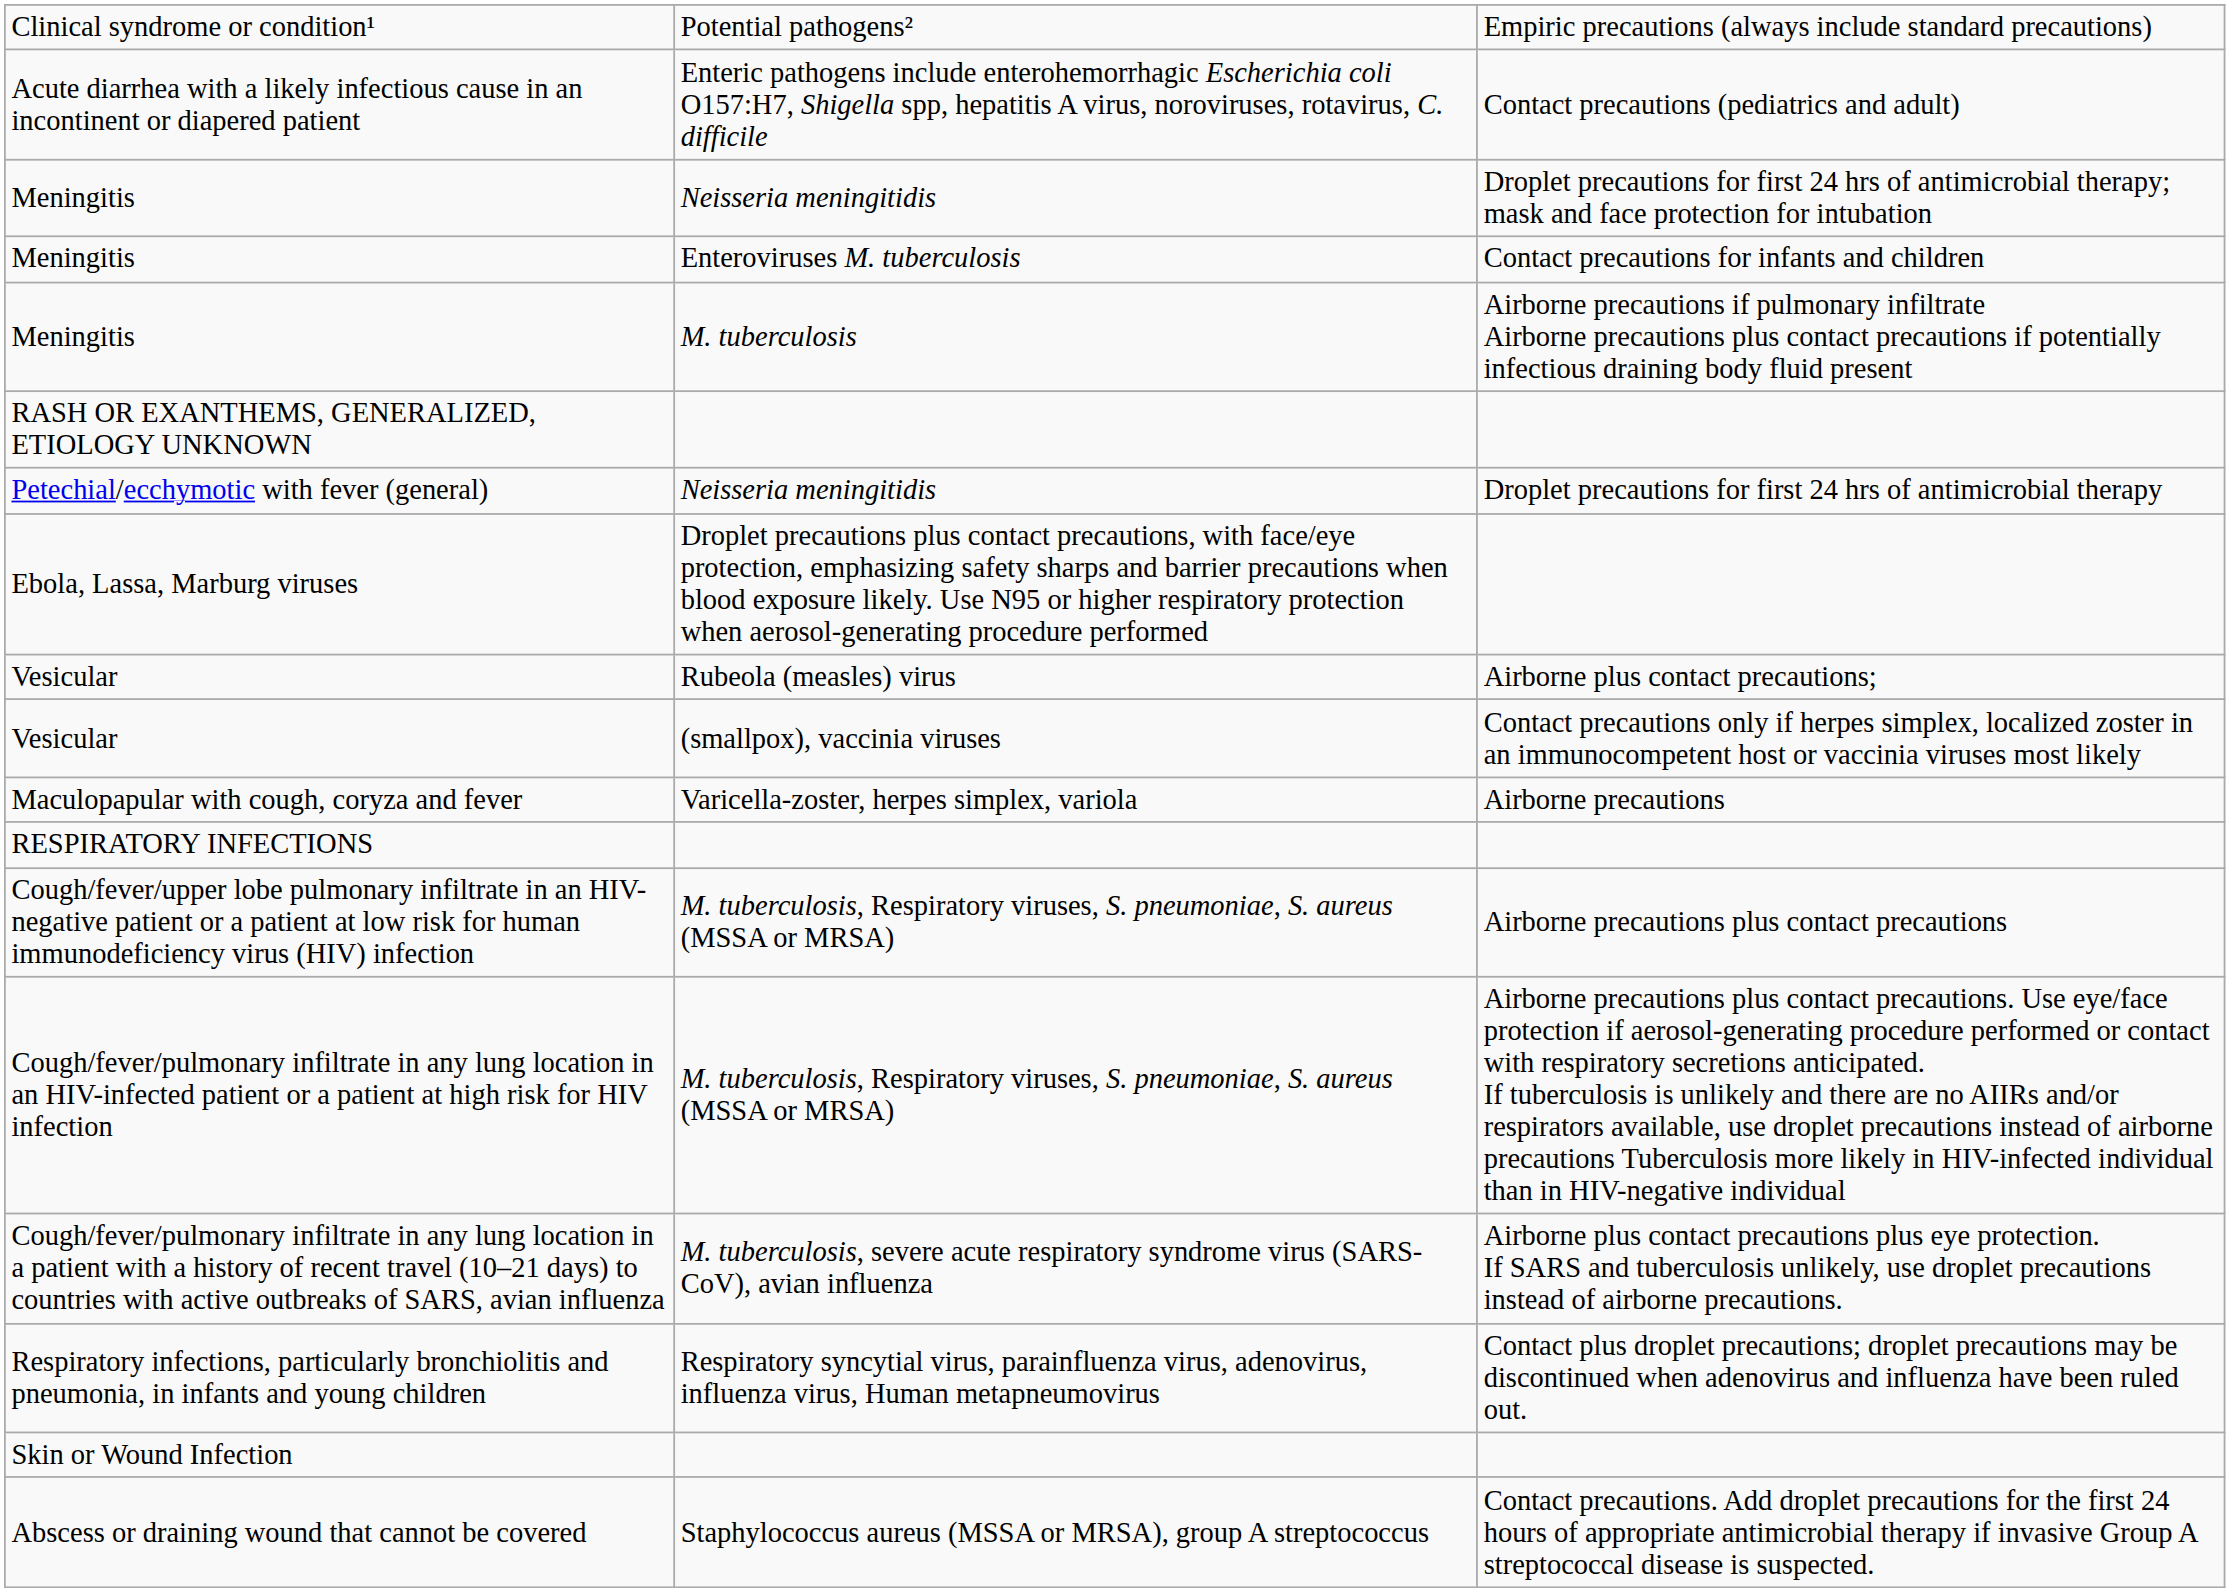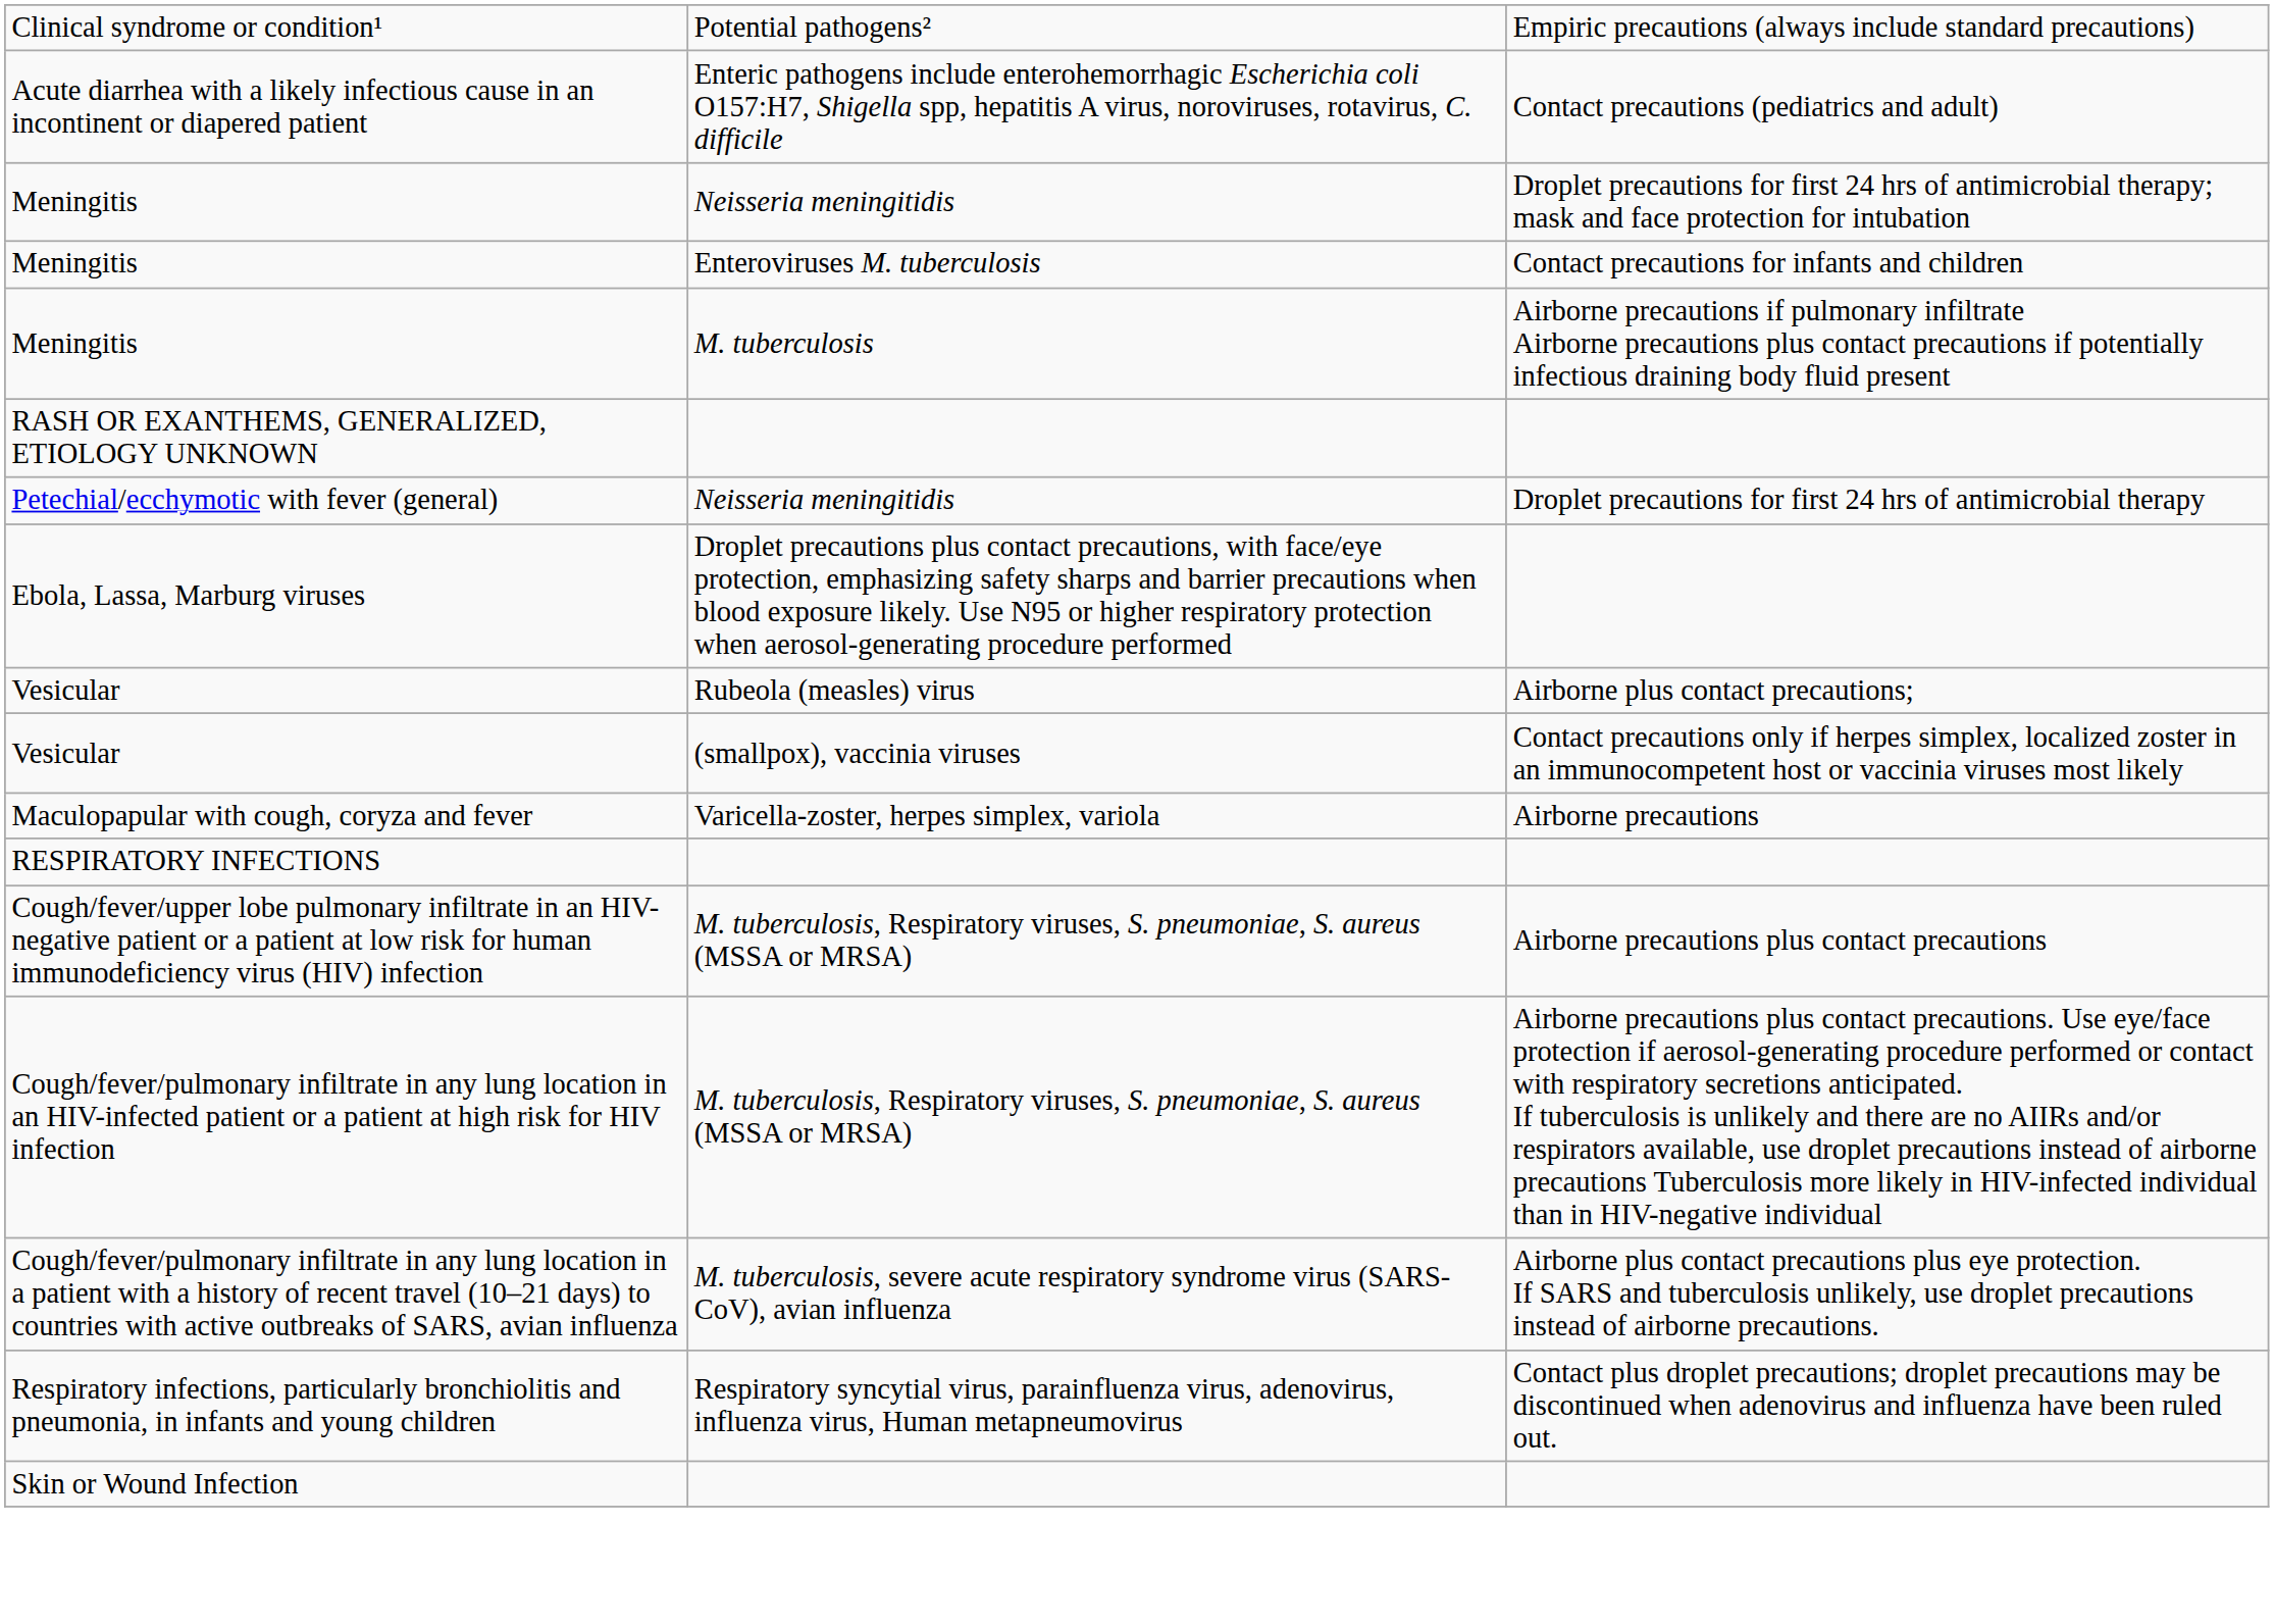 <table class="wikitable">
 <tr>
 <td>Clinical syndrome or condition¹</td>
 <td>Potential pathogens²</td>
 <td>Empiric precautions (always include standard precautions)</td>
 </tr>
 <tr>
 <td>Acute diarrhea with a likely infectious cause in an incontinent or diapered patient</td>
 <td>Enteric pathogens include enterohemorrhagic <em>Escherichia coli</em> O157:H7, <em>Shigella</em> spp, hepatitis A virus, noroviruses, rotavirus, <em>C. difficile</em></td>
 <td>Contact precautions (pediatrics and adult)</td>
 </tr>
 <tr>
 <td>Meningitis</td>
 <td><em>Neisseria meningitidis</em></td>
 <td>Droplet precautions for first 24 hrs of antimicrobial therapy; mask and face protection for intubation</td>
 </tr>
 <tr>
 <td>Meningitis</td>
 <td>Enteroviruses <em>M. tuberculosis</em></td>
 <td>Contact precautions for infants and children</td>
 </tr>
 <tr>
 <td>Meningitis</td>
 <td><em>M. tuberculosis</em></td>
 <td>Airborne precautions if pulmonary infiltrate<br>Airborne precautions plus contact precautions if potentially infectious draining body fluid present</td>
 </tr>
 <tr>
 <td>RASH OR EXANTHEMS, GENERALIZED, ETIOLOGY UNKNOWN</td>
 <td></td>
 <td></td>
 </tr>
 <tr>
 <td><a href='#'>Petechial</a>/<a href='#'>ecchymotic</a> with fever (general)</td>
 <td><em>Neisseria meningitidis</em></td>
 <td>Droplet precautions for first 24 hrs of antimicrobial therapy</td>
 </tr>
 <tr>
 <td>Ebola, Lassa, Marburg viruses</td>
 <td>Droplet precautions plus contact precautions, with face/eye protection, emphasizing safety sharps and barrier precautions when blood exposure likely. Use N95 or higher respiratory protection when aerosol-generating procedure performed</td>
 </tr>
 <tr>
 <td>Vesicular</td>
 <td>Rubeola (measles) virus</td>
 <td>Airborne plus contact precautions;</td>
 </tr>
 <tr>
 <td>Vesicular</td>
 <td>(smallpox), vaccinia viruses</td>
 <td>Contact precautions only if herpes simplex, localized zoster in an immunocompetent host or vaccinia viruses most likely</td>
 </tr>
 <tr>
 <td>Maculopapular with cough, coryza and fever</td>
 <td>Varicella-zoster, herpes simplex, variola</td>
 <td>Airborne precautions</td>
 </tr>
 <tr>
 <td>RESPIRATORY INFECTIONS</td>
 <td></td>
 <td></td>
 </tr>
 <tr>
 <td>Cough/fever/upper lobe pulmonary infiltrate in an HIV-negative patient or a patient at low risk for human immunodeficiency virus (HIV) infection</td>
 <td><em>M. tuberculosis</em>, Respiratory viruses, <em>S. pneumoniae</em>, <em>S. aureus</em> (MSSA or MRSA)</td>
 <td>Airborne precautions plus contact precautions</td>
 </tr>
 <tr>
 <td>Cough/fever/pulmonary infiltrate in any lung location in an HIV-infected patient or a patient at high risk for HIV infection</td>
 <td><em>M. tuberculosis</em>, Respiratory viruses, <em>S. pneumoniae</em>, <em>S. aureus</em> (MSSA or MRSA)</td>
 <td>Airborne precautions plus contact precautions. Use eye/face protection if aerosol-generating procedure performed or contact with respiratory secretions anticipated.<br>If tuberculosis is unlikely and there are no AIIRs and/or respirators available, use droplet precautions instead of airborne precautions Tuberculosis more likely in HIV-infected individual than in HIV-negative individual</td>
 </tr>
 <tr>
 <td>Cough/fever/pulmonary infiltrate in any lung location in a patient with a history of recent travel (10–21 days) to countries with active outbreaks of SARS, avian influenza</td>
 <td><em>M. tuberculosis</em>, severe acute respiratory syndrome virus (SARS-CoV), avian influenza</td>
 <td>Airborne plus contact precautions plus eye protection.<br>If SARS and tuberculosis unlikely, use droplet precautions instead of airborne precautions.</td>
 </tr>
 <tr>
 <td>Respiratory infections, particularly bronchiolitis and pneumonia, in infants and young children</td>
 <td>Respiratory syncytial virus, parainfluenza virus, adenovirus, influenza virus, Human metapneumovirus</td>
 <td>Contact plus droplet precautions; droplet precautions may be discontinued when adenovirus and influenza have been ruled out.</td>
 </tr>
 <tr>
 <td>Skin or Wound Infection</td>
 <td></td>
 <td></td>
 </tr>
-<tr>
-<td>Abscess or draining wound that cannot be covered</td>
-<td>Staphylococcus aureus (MSSA or MRSA), group A streptococcus</td>
-<td>Contact precautions. Add droplet precautions for the first 24 hours of appropriate antimicrobial therapy if invasive Group A streptococcal disease is suspected.</td>
-</tr>
 </table>
